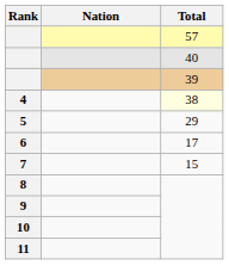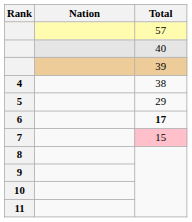 <table class="wikitable sortable" style="text-align:center; font-size:85%">
 <tr>
 <th scope="col" style="width:25px;">Rank</th>
 <th ! scope="col" style="width:120px;">Nation</th>
 <th ! scope="col" style="width:60px;">Total</th>
 </tr>
 <tr bgcolor=fffcaf>
 <th scope=row></th>
 <td align=left></td>
 <td>57</td>
 </tr>
 <tr bgcolor=e5e5e5>
 <th scope=row></th>
 <td align=left></td>
 <td>40</td>
 </tr>
 <tr bgcolor=eecc99>
 <th scope=row></th>
 <td align=left></td>
 <td>39</td>
 </tr>
 <tr>
 <th scope=row>4</th>
 <td align=left></td>
-<td style="background: lightyellow;">38</td>
+<td>38</td>
 </tr>
 <tr>
 <th scope=row>5</th>
 <td align=left></td>
 <td>29</td>
 </tr>
 <tr>
 <th scope=row>6</th>
 <td align=left></td>
-<td>17</td>
+<td><strong>17</strong></td>
 </tr>
 <tr>
 <th scope=row>7</th>
 <td align=left></td>
-<td>15</td>
+<td style="background: pink;">15</td>
 </tr>
 <tr>
 <th scope=row>8</th>
 <td align=left></td>
 <td rowspan=4></td>
 </tr>
 <tr>
 <th scope=row>9</th>
 <td align=left></td>
 </tr>
 <tr>
 <th scope=row>10</th>
 <td align=left></td>
 </tr>
 <tr>
 <th scope=row>11</th>
 <td align=left></td>
 </tr>
 </table>
